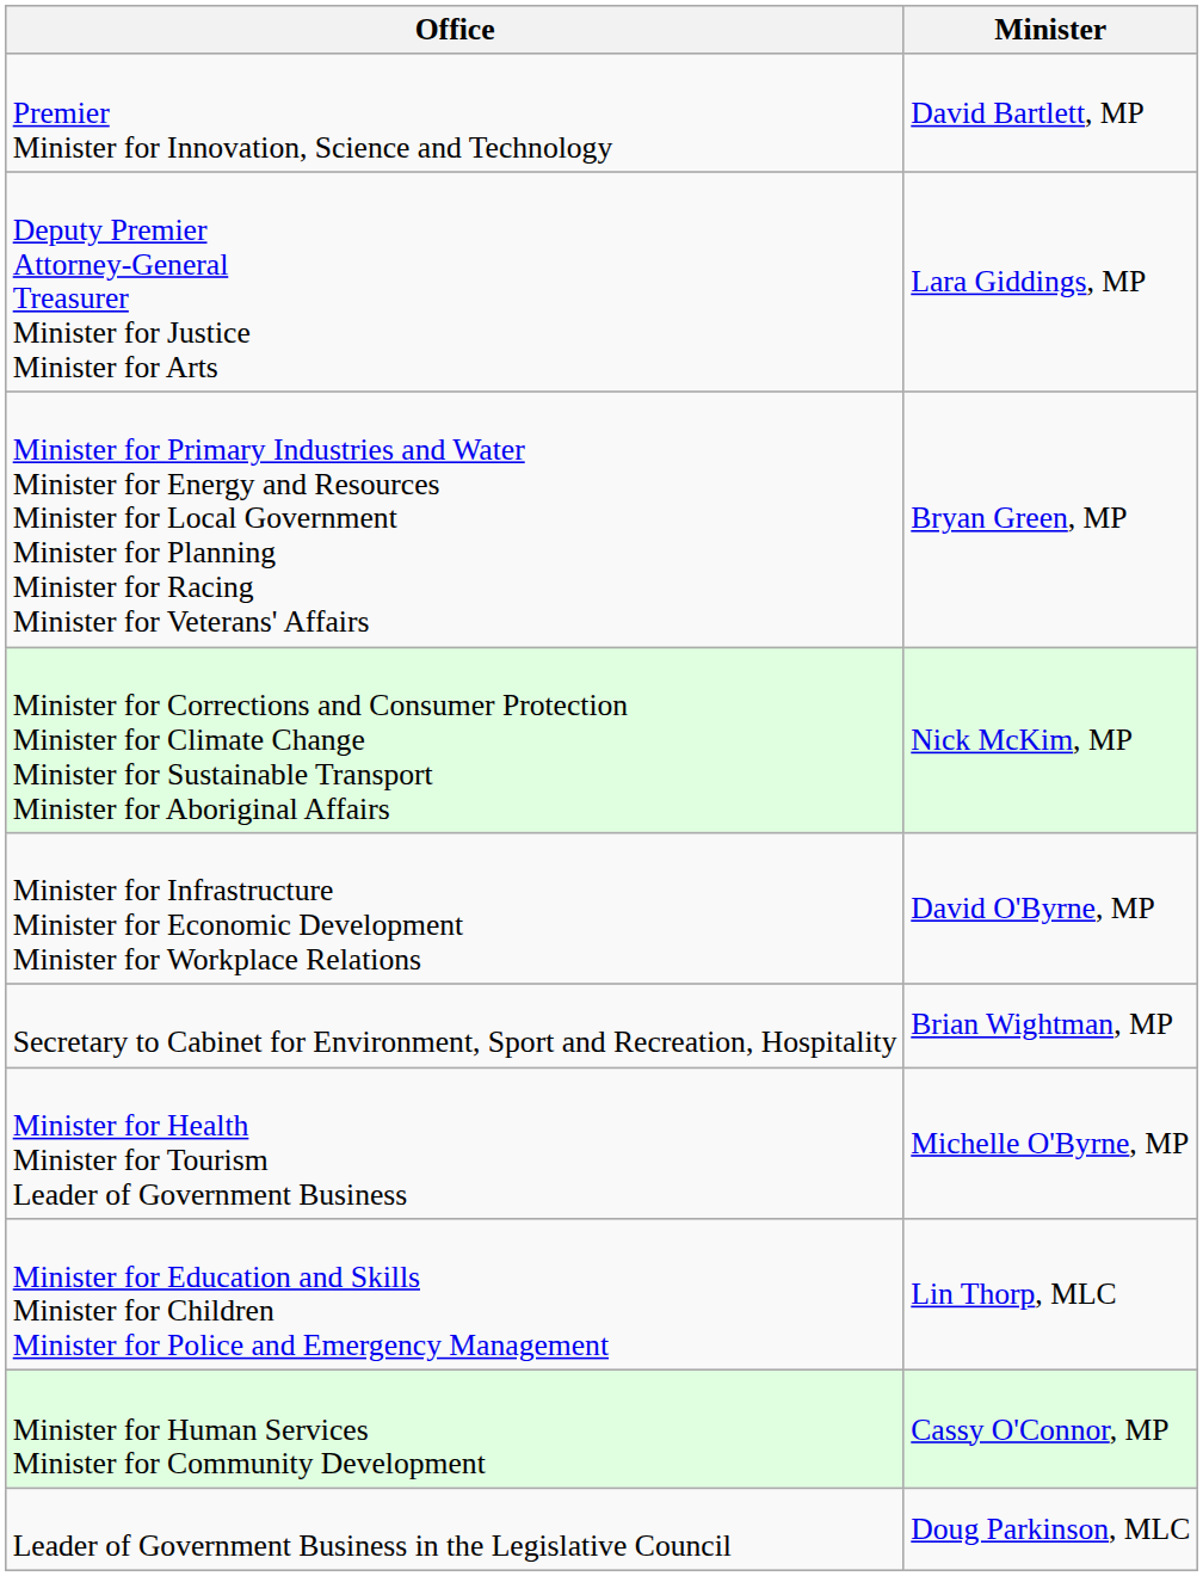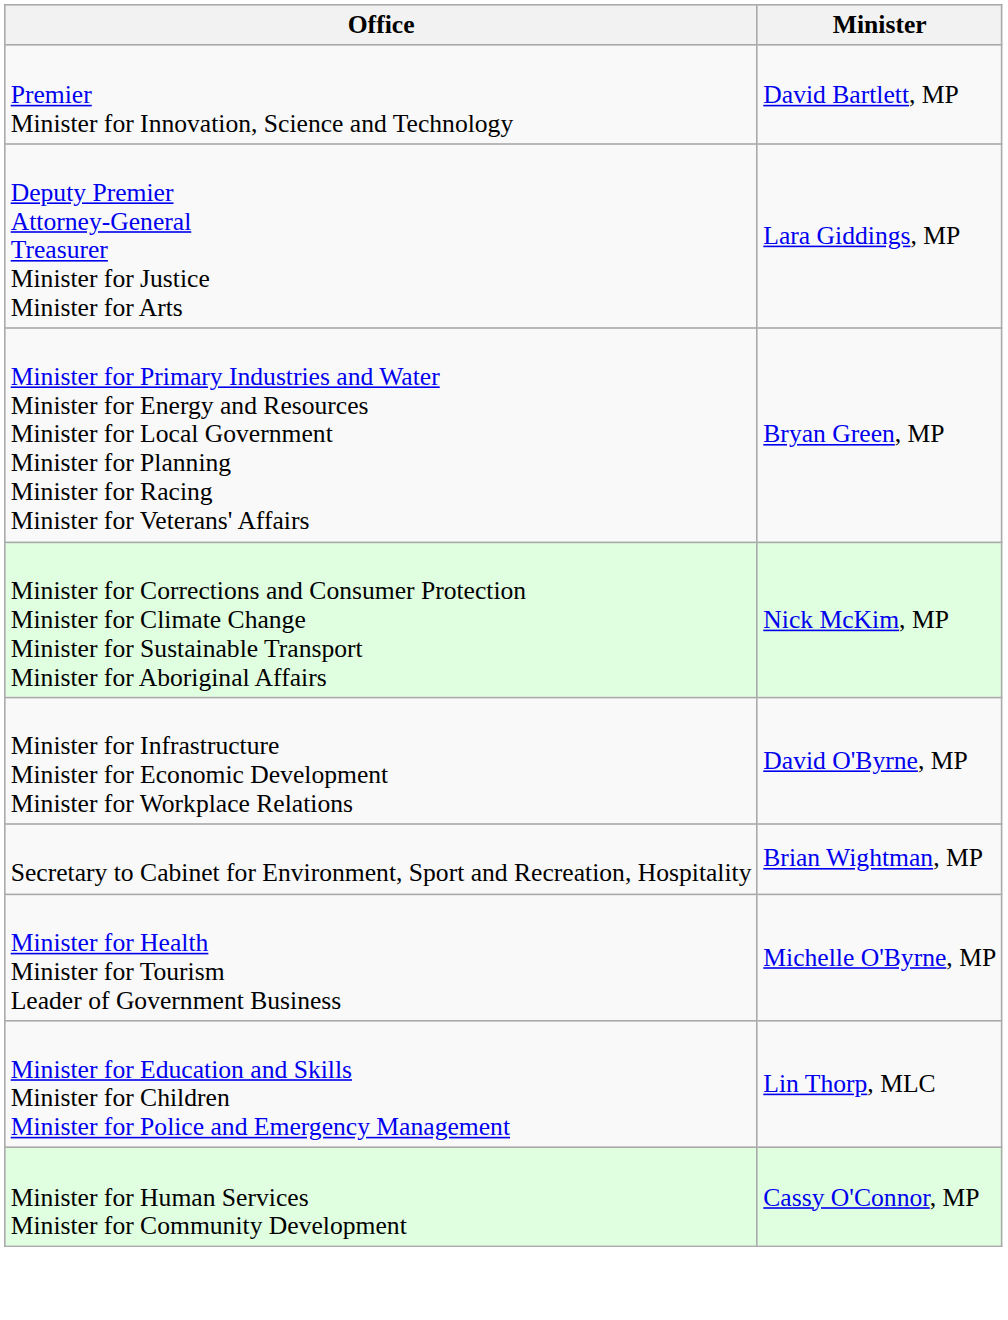 <table class="wikitable">
 <tr>
 <th>Office</th>
 <th>Minister</th>
 </tr>
 <tr>
 <td><br><a href='#'>Premier</a><br> Minister for Innovation, Science and Technology</td>
 <td><a href='#'>David Bartlett</a>, MP</td>
 </tr>
 <tr>
 <td><br><a href='#'>Deputy Premier</a><br> <a href='#'>Attorney-General</a><br> <a href='#'>Treasurer</a><br> Minister for Justice<br> Minister for Arts<br></td>
 <td><a href='#'>Lara Giddings</a>, MP</td>
 </tr>
 <tr>
 <td><br><a href='#'>Minister for Primary Industries and Water</a><br> Minister for Energy and Resources<br> Minister for Local Government<br> Minister for Planning<br> Minister for Racing<br> Minister for Veterans' Affairs<br></td>
 <td><a href='#'>Bryan Green</a>, MP</td>
 </tr>
 <tr bgcolor="#e0ffe0">
 <td><br>Minister for Corrections and Consumer Protection<br> Minister for Climate Change<br> Minister for Sustainable Transport<br> Minister for Aboriginal Affairs<br></td>
 <td><a href='#'>Nick McKim</a>, MP</td>
 </tr>
 <tr>
 <td><br>Minister for Infrastructure<br> Minister for Economic Development<br> Minister for Workplace Relations<br></td>
 <td><a href='#'>David O'Byrne</a>, MP</td>
 </tr>
 <tr>
 <td><br>Secretary to Cabinet for Environment, Sport and Recreation, Hospitality<br></td>
 <td><a href='#'>Brian Wightman</a>, MP</td>
 </tr>
 <tr>
 <td><br><a href='#'>Minister for Health</a><br> Minister for Tourism<br> Leader of Government Business<br></td>
 <td><a href='#'>Michelle O'Byrne</a>, MP</td>
 </tr>
 <tr>
 <td><br><a href='#'>Minister for Education and Skills</a><br> Minister for Children<br> <a href='#'>Minister for Police and Emergency Management</a><br></td>
 <td><a href='#'>Lin Thorp</a>, MLC</td>
 </tr>
 <tr bgcolor="#e0ffe0">
 <td><br>Minister for Human Services<br> Minister for Community Development<br></td>
 <td><a href='#'>Cassy O'Connor</a>, MP</td>
 </tr>
-<tr>
-<td><br>Leader of Government Business in the Legislative Council</td>
-<td><a href='#'>Doug Parkinson</a>, MLC</td>
-</tr>
 </table>
